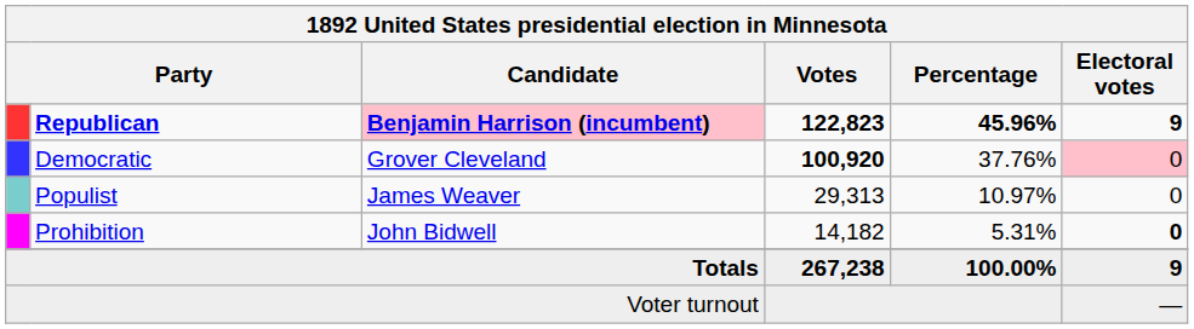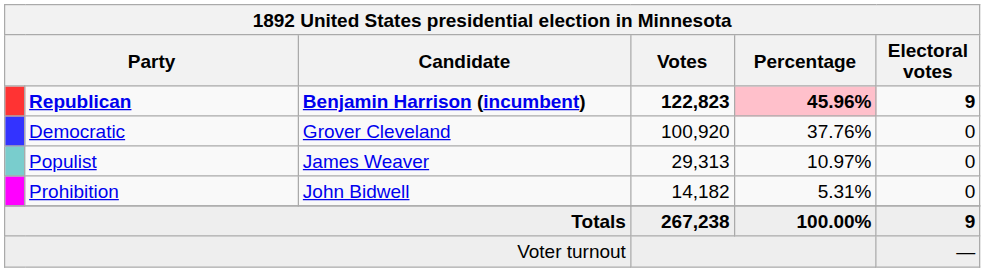 <table class="wikitable" style="font-size: 95%;">
 <tr>
 <th colspan="6">1892 United States presidential election in Minnesota</th>
 </tr>
 <tr>
 <th colspan="2" style="width: 15em">Party</th>
 <th style="width: 17em">Candidate</th>
 <th style="width: 5em">Votes</th>
 <th style="width: 7em">Percentage</th>
 <th style="width: 5em">Electoral votes</th>
 </tr>
 <tr>
 <th style="background-color:#FF3333; width: 3px"></th>
 <td style="width: 130px"><strong><a href='#'>Republican</a></strong></td>
-<td style="background: pink;"><strong><a href='#'>Benjamin Harrison</a></strong> <strong>(<a href='#'>incumbent</a>)</strong></td>
+<td><strong><a href='#'>Benjamin Harrison</a></strong> <strong>(<a href='#'>incumbent</a>)</strong></td>
 <td align="right"><strong>122,823</strong></td>
-<td align="right"><strong>45.96%</strong></td>
+<td align="right" style="background: pink;"><strong>45.96%</strong></td>
 <td align="right"><strong>9</strong></td>
 </tr>
 <tr>
 <th style="background-color:#3333FF; width: 3px"></th>
 <td style="width: 130px"><a href='#'>Democratic</a></td>
 <td><a href='#'>Grover Cleveland</a></td>
-<td align="right"><strong>100,920</strong></td>
+<td align="right">100,920</td>
 <td align="right">37.76%</td>
-<td align="right" style="background: pink;">0</td>
+<td align="right">0</td>
 </tr>
 <tr>
 <th style="background-color:#79CDCD; width: 3px"></th>
 <td style="width: 130px"><a href='#'>Populist</a></td>
 <td><a href='#'>James Weaver</a></td>
 <td align="right">29,313</td>
 <td align="right">10.97%</td>
 <td align="right">0</td>
 </tr>
 <tr>
 <th style="background-color:#FF00FF; width: 3px"></th>
 <td style="width: 130px"><a href='#'>Prohibition</a></td>
 <td><a href='#'>John Bidwell</a></td>
 <td align="right">14,182</td>
 <td align="right">5.31%</td>
-<td align="right"><strong>0</strong></td>
+<td align="right">0</td>
 </tr>
 <tr>
 </tr>
 <tr bgcolor="#EEEEEE">
 <td colspan="3" align="right"><strong>Totals</strong></td>
 <td align="right"><strong>267,238</strong></td>
 <td align="right"><strong>100.00%</strong></td>
 <td align="right"><strong>9</strong></td>
 </tr>
 <tr bgcolor="#EEEEEE">
 <td colspan="3" align="right">Voter turnout</td>
 <td colspan="2" align="right"></td>
 <td align="right">—</td>
 </tr>
 </table>
